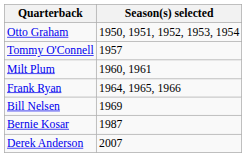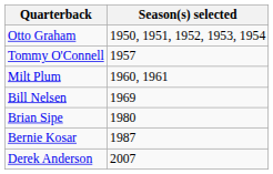 <table class="wikitable">
 <tr>
 <th>Quarterback</th>
 <th>Season(s) selected</th>
 </tr>
 <tr>
 <td><a href='#'>Otto Graham</a></td>
 <td>1950, 1951, 1952, 1953, 1954</td>
 </tr>
 <tr>
 <td><a href='#'>Tommy O'Connell</a></td>
 <td>1957</td>
 </tr>
 <tr>
 <td><a href='#'>Milt Plum</a></td>
 <td>1960, 1961</td>
 </tr>
 <tr>
-<td><a href='#'>Frank Ryan</a></td>
-<td>1964, 1965, 1966</td>
+<td><a href='#'>Bill Nelsen</a></td>
+<td>1969</td>
 </tr>
 <tr>
-<td><a href='#'>Bill Nelsen</a></td>
-<td>1969</td>
+<td><a href='#'>Brian Sipe</a></td>
+<td>1980</td>
 </tr>
 <tr>
 <td><a href='#'>Bernie Kosar</a></td>
 <td>1987</td>
 </tr>
 <tr>
 <td><a href='#'>Derek Anderson</a></td>
 <td>2007</td>
 </tr>
 </table>
